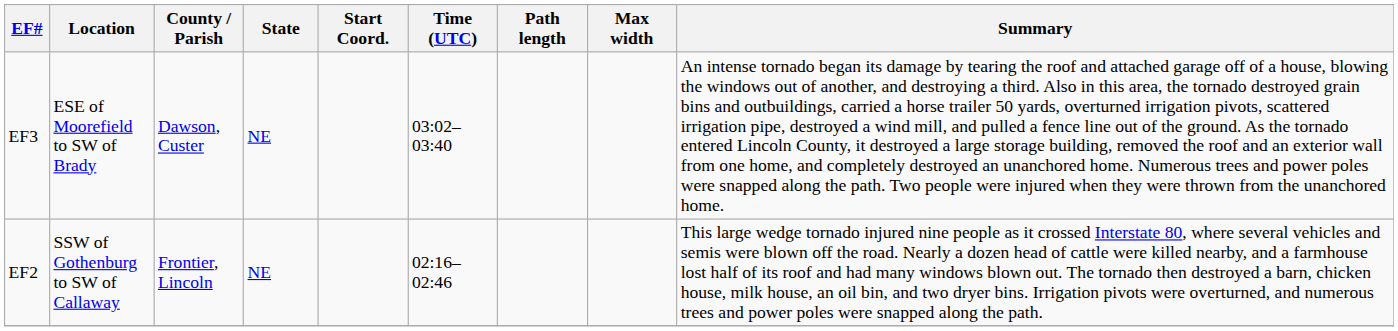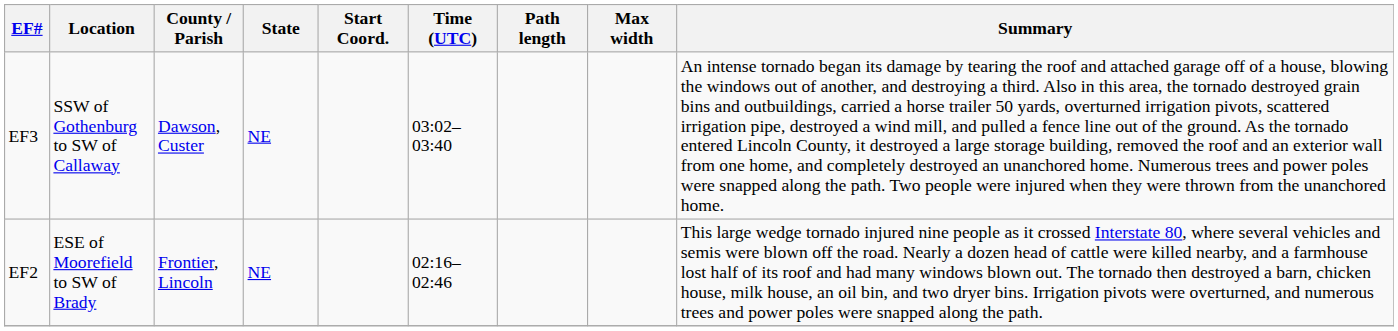 <table class="wikitable sortable" style="width:100%;">
 <tr>
 <th scope="col"  style="width:3%; text-align:center;"><a href='#'>EF#</a></th>
 <th scope="col"  style="width:7%; text-align:center;" class="unsortable">Location</th>
 <th scope="col"  style="width:6%; text-align:center;" class="unsortable">County / Parish</th>
 <th scope="col"  style="width:5%; text-align:center;">State</th>
 <th scope="col"  style="width:6%; text-align:center;">Start Coord.</th>
 <th scope="col"  style="width:6%; text-align:center;">Time (<a href='#'>UTC</a>)</th>
 <th scope="col"  style="width:6%; text-align:center;">Path length</th>
 <th scope="col"  style="width:6%; text-align:center;">Max width</th>
 <th scope="col" class="unsortable" style="width:48%; text-align:center;">Summary</th>
 </tr>
 <tr>
 <td>EF3</td>
-<td>ESE of <a href='#'>Moorefield</a> to SW of <a href='#'>Brady</a></td>
+<td>SSW of <a href='#'>Gothenburg</a> to SW of <a href='#'>Callaway</a></td>
 <td><a href='#'>Dawson</a>, <a href='#'>Custer</a></td>
 <td><a href='#'>NE</a></td>
 <td></td>
 <td>03:02–03:40</td>
 <td></td>
 <td></td>
 <td>An intense tornado began its damage by tearing the roof and attached garage off of a house, blowing the windows out of another, and destroying a third. Also in this area, the tornado destroyed grain bins and outbuildings, carried a horse trailer 50 yards, overturned irrigation pivots, scattered irrigation pipe, destroyed a wind mill, and pulled a fence line out of the ground. As the tornado entered Lincoln County, it destroyed a large storage building, removed the roof and an exterior wall from one home, and completely destroyed an unanchored home. Numerous trees and power poles were snapped along the path. Two people were injured when they were thrown  from the unanchored home.</td>
 </tr>
 <tr>
 <td>EF2</td>
-<td>SSW of <a href='#'>Gothenburg</a> to SW of <a href='#'>Callaway</a></td>
+<td>ESE of <a href='#'>Moorefield</a> to SW of <a href='#'>Brady</a></td>
 <td><a href='#'>Frontier</a>, <a href='#'>Lincoln</a></td>
 <td><a href='#'>NE</a></td>
 <td></td>
 <td>02:16–02:46</td>
 <td></td>
 <td></td>
 <td>This large wedge tornado injured nine people as it crossed <a href='#'>Interstate 80</a>, where several vehicles and semis were blown off the road. Nearly a dozen head of cattle were killed nearby, and a farmhouse lost half of its roof and had many windows blown out. The tornado then destroyed a barn, chicken house, milk house, an oil bin, and two dryer bins. Irrigation pivots were overturned, and numerous trees and power poles were snapped along the path.</td>
 </tr>
 <tr>
 </tr>
 </table>
